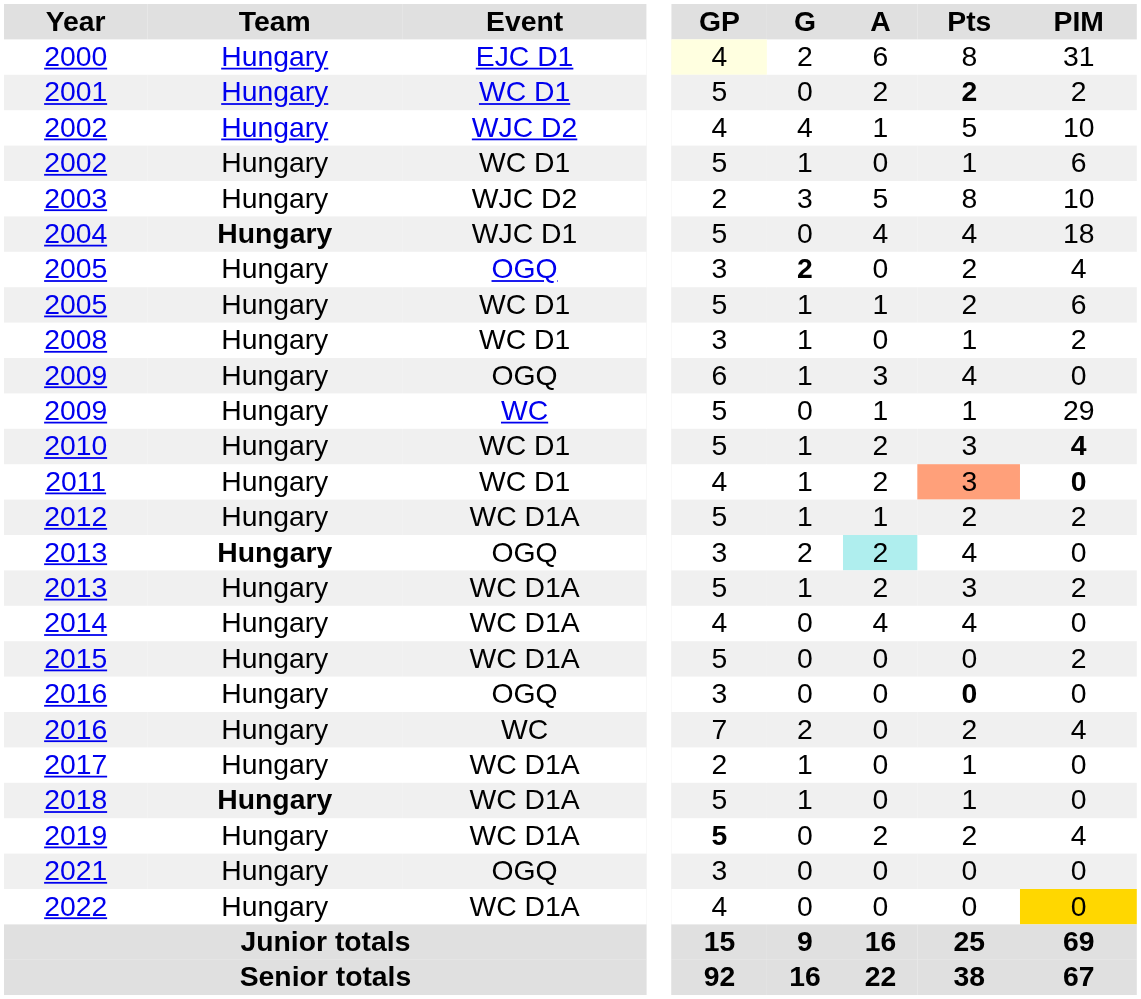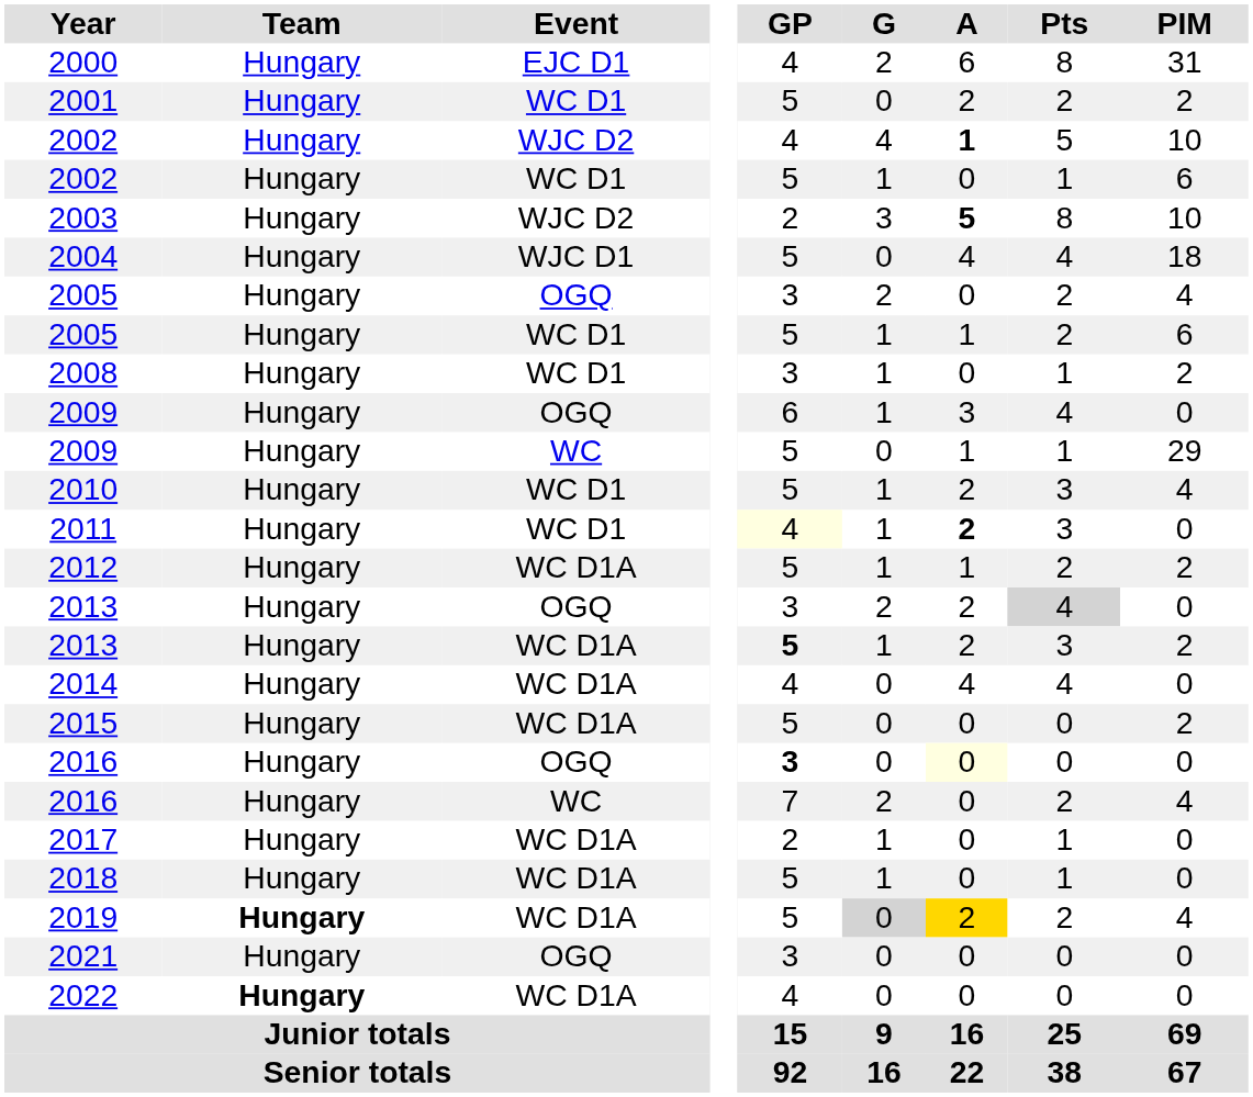 <table border="0" cellpadding="1" cellspacing="0" style="text-align:center; width:40em">
 <tr ALIGN="center" bgcolor="#e0e0e0">
 <th>Year</th>
 <th>Team</th>
 <th>Event</th>
 <th rowspan="99" bgcolor="#ffffff"> </th>
 <th>GP</th>
 <th>G</th>
 <th>A</th>
 <th>Pts</th>
 <th>PIM</th>
 </tr>
 <tr>
 <td><a href='#'>2000</a></td>
 <td><a href='#'>Hungary</a></td>
 <td><a href='#'>EJC D1</a></td>
-<td style="background: lightyellow;">4</td>
+<td>4</td>
 <td>2</td>
 <td>6</td>
 <td>8</td>
 <td>31</td>
 </tr>
 <tr bgcolor="#f0f0f0">
 <td><a href='#'>2001</a></td>
 <td><a href='#'>Hungary</a></td>
 <td><a href='#'>WC D1</a></td>
 <td>5</td>
 <td>0</td>
 <td>2</td>
-<td><strong>2</strong></td>
+<td>2</td>
 <td>2</td>
 </tr>
 <tr>
 <td><a href='#'>2002</a></td>
 <td><a href='#'>Hungary</a></td>
 <td><a href='#'>WJC D2</a></td>
 <td>4</td>
 <td>4</td>
-<td>1</td>
+<td><strong>1</strong></td>
 <td>5</td>
 <td>10</td>
 </tr>
 <tr bgcolor="#f0f0f0">
 <td><a href='#'>2002</a></td>
 <td>Hungary</td>
 <td>WC D1</td>
 <td>5</td>
 <td>1</td>
 <td>0</td>
 <td>1</td>
 <td>6</td>
 </tr>
 <tr>
 <td><a href='#'>2003</a></td>
 <td>Hungary</td>
 <td>WJC D2</td>
 <td>2</td>
 <td>3</td>
-<td>5</td>
+<td><strong>5</strong></td>
 <td>8</td>
 <td>10</td>
 </tr>
 <tr bgcolor="#f0f0f0">
 <td><a href='#'>2004</a></td>
-<td><strong>Hungary</strong></td>
+<td>Hungary</td>
 <td>WJC D1</td>
 <td>5</td>
 <td>0</td>
 <td>4</td>
 <td>4</td>
 <td>18</td>
 </tr>
 <tr>
 <td><a href='#'>2005</a></td>
 <td>Hungary</td>
 <td><a href='#'>OGQ</a></td>
 <td>3</td>
-<td><strong>2</strong></td>
+<td>2</td>
 <td>0</td>
 <td>2</td>
 <td>4</td>
 </tr>
 <tr bgcolor="#f0f0f0">
 <td><a href='#'>2005</a></td>
 <td>Hungary</td>
 <td>WC D1</td>
 <td>5</td>
 <td>1</td>
 <td>1</td>
 <td>2</td>
 <td>6</td>
 </tr>
 <tr>
 <td><a href='#'>2008</a></td>
 <td>Hungary</td>
 <td>WC D1</td>
 <td>3</td>
 <td>1</td>
 <td>0</td>
 <td>1</td>
 <td>2</td>
 </tr>
 <tr bgcolor="#f0f0f0">
 <td><a href='#'>2009</a></td>
 <td>Hungary</td>
 <td>OGQ</td>
 <td>6</td>
 <td>1</td>
 <td>3</td>
 <td>4</td>
 <td>0</td>
 </tr>
 <tr>
 <td><a href='#'>2009</a></td>
 <td>Hungary</td>
 <td><a href='#'>WC</a></td>
 <td>5</td>
 <td>0</td>
 <td>1</td>
 <td>1</td>
 <td>29</td>
 </tr>
 <tr bgcolor="#f0f0f0">
 <td><a href='#'>2010</a></td>
 <td>Hungary</td>
 <td>WC D1</td>
 <td>5</td>
 <td>1</td>
 <td>2</td>
 <td>3</td>
-<td><strong>4</strong></td>
+<td>4</td>
 </tr>
 <tr>
 <td><a href='#'>2011</a></td>
 <td>Hungary</td>
 <td>WC D1</td>
-<td>4</td>
+<td style="background: lightyellow;">4</td>
 <td>1</td>
-<td>2</td>
-<td style="background: lightsalmon;">3</td>
-<td><strong>0</strong></td>
+<td><strong>2</strong></td>
+<td>3</td>
+<td>0</td>
 </tr>
 <tr bgcolor="#f0f0f0">
 <td><a href='#'>2012</a></td>
 <td>Hungary</td>
 <td>WC D1A</td>
 <td>5</td>
 <td>1</td>
 <td>1</td>
 <td>2</td>
 <td>2</td>
 </tr>
 <tr>
 <td><a href='#'>2013</a></td>
-<td><strong>Hungary</strong></td>
+<td>Hungary</td>
 <td>OGQ</td>
 <td>3</td>
 <td>2</td>
-<td style="background: paleturquoise;">2</td>
-<td>4</td>
+<td>2</td>
+<td style="background: lightgrey;">4</td>
 <td>0</td>
 </tr>
 <tr bgcolor="#f0f0f0">
 <td><a href='#'>2013</a></td>
 <td>Hungary</td>
 <td>WC D1A</td>
-<td>5</td>
+<td><strong>5</strong></td>
 <td>1</td>
 <td>2</td>
 <td>3</td>
 <td>2</td>
 </tr>
 <tr>
 <td><a href='#'>2014</a></td>
 <td>Hungary</td>
 <td>WC D1A</td>
 <td>4</td>
 <td>0</td>
 <td>4</td>
 <td>4</td>
 <td>0</td>
 </tr>
 <tr bgcolor="#f0f0f0">
 <td><a href='#'>2015</a></td>
 <td>Hungary</td>
 <td>WC D1A</td>
 <td>5</td>
 <td>0</td>
 <td>0</td>
 <td>0</td>
 <td>2</td>
 </tr>
 <tr>
 <td><a href='#'>2016</a></td>
 <td>Hungary</td>
 <td>OGQ</td>
-<td>3</td>
+<td><strong>3</strong></td>
 <td>0</td>
+<td style="background: lightyellow;">0</td>
 <td>0</td>
-<td><strong>0</strong></td>
 <td>0</td>
 </tr>
 <tr bgcolor="#f0f0f0">
 <td><a href='#'>2016</a></td>
 <td>Hungary</td>
 <td>WC</td>
 <td>7</td>
 <td>2</td>
 <td>0</td>
 <td>2</td>
 <td>4</td>
 </tr>
 <tr>
 <td><a href='#'>2017</a></td>
 <td>Hungary</td>
 <td>WC D1A</td>
 <td>2</td>
 <td>1</td>
 <td>0</td>
 <td>1</td>
 <td>0</td>
 </tr>
 <tr bgcolor="#f0f0f0">
 <td><a href='#'>2018</a></td>
-<td><strong>Hungary</strong></td>
+<td>Hungary</td>
 <td>WC D1A</td>
 <td>5</td>
 <td>1</td>
 <td>0</td>
 <td>1</td>
 <td>0</td>
 </tr>
 <tr>
 <td><a href='#'>2019</a></td>
-<td>Hungary</td>
+<td><strong>Hungary</strong></td>
 <td>WC D1A</td>
-<td><strong>5</strong></td>
-<td>0</td>
-<td>2</td>
+<td>5</td>
+<td style="background: lightgrey;">0</td>
+<td style="background: gold;">2</td>
 <td>2</td>
 <td>4</td>
 </tr>
 <tr bgcolor="#f0f0f0">
 <td><a href='#'>2021</a></td>
 <td>Hungary</td>
 <td>OGQ</td>
 <td>3</td>
 <td>0</td>
 <td>0</td>
 <td>0</td>
 <td>0</td>
 </tr>
 <tr>
 <td><a href='#'>2022</a></td>
-<td>Hungary</td>
+<td><strong>Hungary</strong></td>
 <td>WC D1A</td>
 <td>4</td>
 <td>0</td>
 <td>0</td>
 <td>0</td>
-<td style="background: gold;">0</td>
+<td>0</td>
 </tr>
 <tr bgcolor="#e0e0e0">
 <th colspan=3>Junior totals</th>
 <th>15</th>
 <th>9</th>
 <th>16</th>
 <th>25</th>
 <th>69</th>
 </tr>
 <tr bgcolor="#e0e0e0">
 <th colspan=3>Senior totals</th>
 <th>92</th>
 <th>16</th>
 <th>22</th>
 <th>38</th>
 <th>67</th>
 </tr>
 </table>
